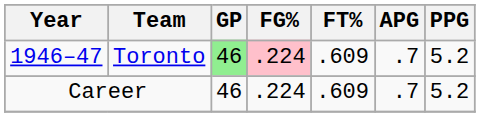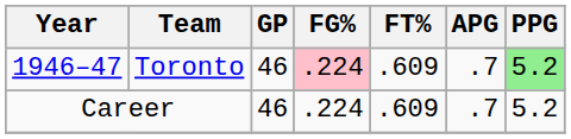 <table class="wikitable sortable" style="font-size:95%; text-align:right;">
 <tr>
 <th>Year</th>
 <th>Team</th>
 <th>GP</th>
 <th>FG%</th>
 <th>FT%</th>
 <th>APG</th>
 <th>PPG</th>
 </tr>
 <tr>
 <td style="text-align:left;"><a href='#'>1946–47</a></td>
 <td style="text-align:left;"><a href='#'>Toronto</a></td>
-<td style="background: lightgreen;">46</td>
+<td>46</td>
 <td style="background: pink;">.224</td>
 <td>.609</td>
 <td>.7</td>
-<td>5.2</td>
+<td style="background: lightgreen;">5.2</td>
 </tr>
 <tr>
 <td style="text-align:center;" colspan="2">Career</td>
 <td>46</td>
 <td>.224</td>
 <td>.609</td>
 <td>.7</td>
 <td>5.2</td>
 </tr>
 <tr>
 </tr>
 </table>
